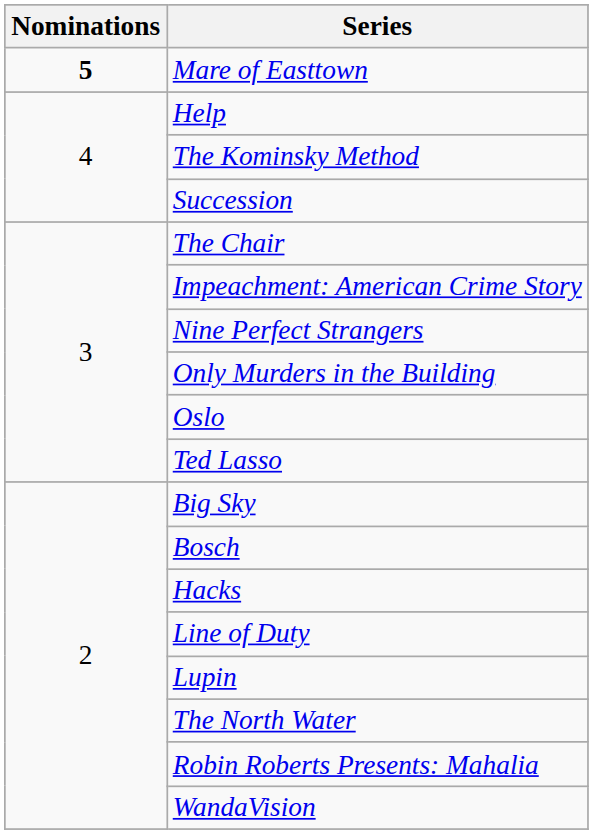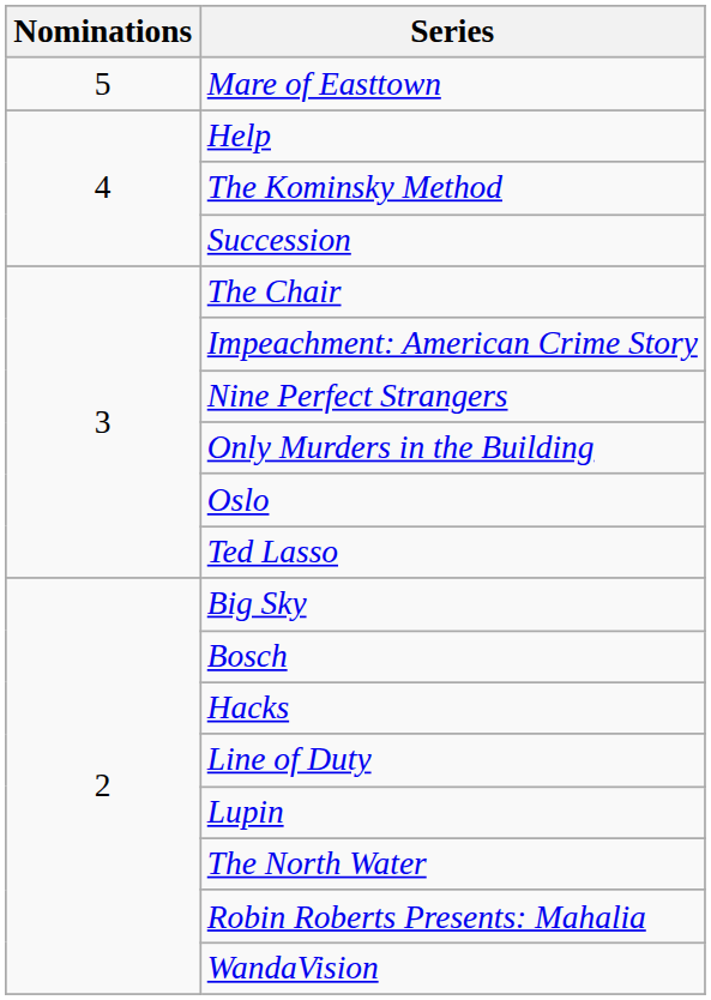 <table class="wikitable">
 <tr>
 <th>Nominations</th>
 <th>Series</th>
 </tr>
 <tr>
-<td style="text-align:center"><strong>5</strong></td>
+<td style="text-align:center">5</td>
 <td><em><a href='#'>Mare of Easttown</a></em></td>
 </tr>
 <tr>
 <td rowspan="3" style="text-align:center">4</td>
 <td><em><a href='#'>Help</a></em></td>
 </tr>
 <tr>
 <td><em><a href='#'>The Kominsky Method</a></em></td>
 </tr>
 <tr>
 <td><em><a href='#'>Succession</a></em></td>
 </tr>
 <tr>
 <td rowspan="6" style="text-align:center">3</td>
 <td><em><a href='#'>The Chair</a></em></td>
 </tr>
 <tr>
 <td><em><a href='#'>Impeachment: American Crime Story</a></em></td>
 </tr>
 <tr>
 <td><em><a href='#'>Nine Perfect Strangers</a></em></td>
 </tr>
 <tr>
 <td><em><a href='#'>Only Murders in the Building</a></em></td>
 </tr>
 <tr>
 <td><em><a href='#'>Oslo</a></em></td>
 </tr>
 <tr>
 <td><em><a href='#'>Ted Lasso</a></em></td>
 </tr>
 <tr>
 <td rowspan="8" style="text-align:center">2</td>
 <td><em><a href='#'>Big Sky</a></em></td>
 </tr>
 <tr>
 <td><em><a href='#'>Bosch</a></em></td>
 </tr>
 <tr>
 <td><em><a href='#'>Hacks</a></em></td>
 </tr>
 <tr>
 <td><em><a href='#'>Line of Duty</a></em></td>
 </tr>
 <tr>
 <td><em><a href='#'>Lupin</a></em></td>
 </tr>
 <tr>
 <td><em><a href='#'>The North Water</a></em></td>
 </tr>
 <tr>
 <td><em><a href='#'>Robin Roberts Presents: Mahalia</a></em></td>
 </tr>
 <tr>
 <td><em><a href='#'>WandaVision</a></em></td>
 </tr>
 </table>
